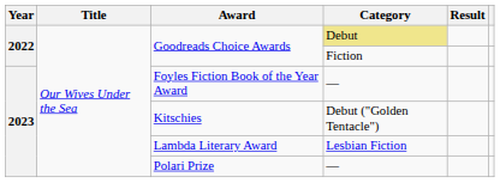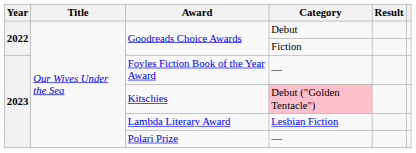 <table class="wikitable sortable">
 <tr>
 <th>Year</th>
 <th>Title</th>
 <th>Award</th>
 <th>Category</th>
 <th>Result</th>
 <th></th>
 </tr>
 <tr>
 <th rowspan="2">2022</th>
 <td rowspan="6"><em><a href='#'>Our Wives Under the Sea</a></em></td>
 <td rowspan="2"><a href='#'>Goodreads Choice Awards</a></td>
-<td style="background: khaki;">Debut</td>
+<td>Debut</td>
 <td></td>
 <td></td>
 </tr>
 <tr>
 <td>Fiction</td>
 <td></td>
 <td></td>
 </tr>
 <tr>
 <th rowspan="4">2023</th>
 <td><a href='#'>Foyles Fiction Book of the Year Award</a></td>
 <td>—</td>
 <td></td>
 <td></td>
 </tr>
 <tr>
 <td><a href='#'>Kitschies</a></td>
-<td>Debut ("Golden Tentacle")</td>
+<td style="background: pink;">Debut ("Golden Tentacle")</td>
 <td></td>
 <td></td>
 </tr>
 <tr>
 <td><a href='#'>Lambda Literary Award</a></td>
 <td><a href='#'>Lesbian Fiction</a></td>
 <td></td>
 <td></td>
 </tr>
 <tr>
 <td><a href='#'>Polari Prize</a></td>
 <td>—</td>
 <td></td>
 <td></td>
 </tr>
 </table>
